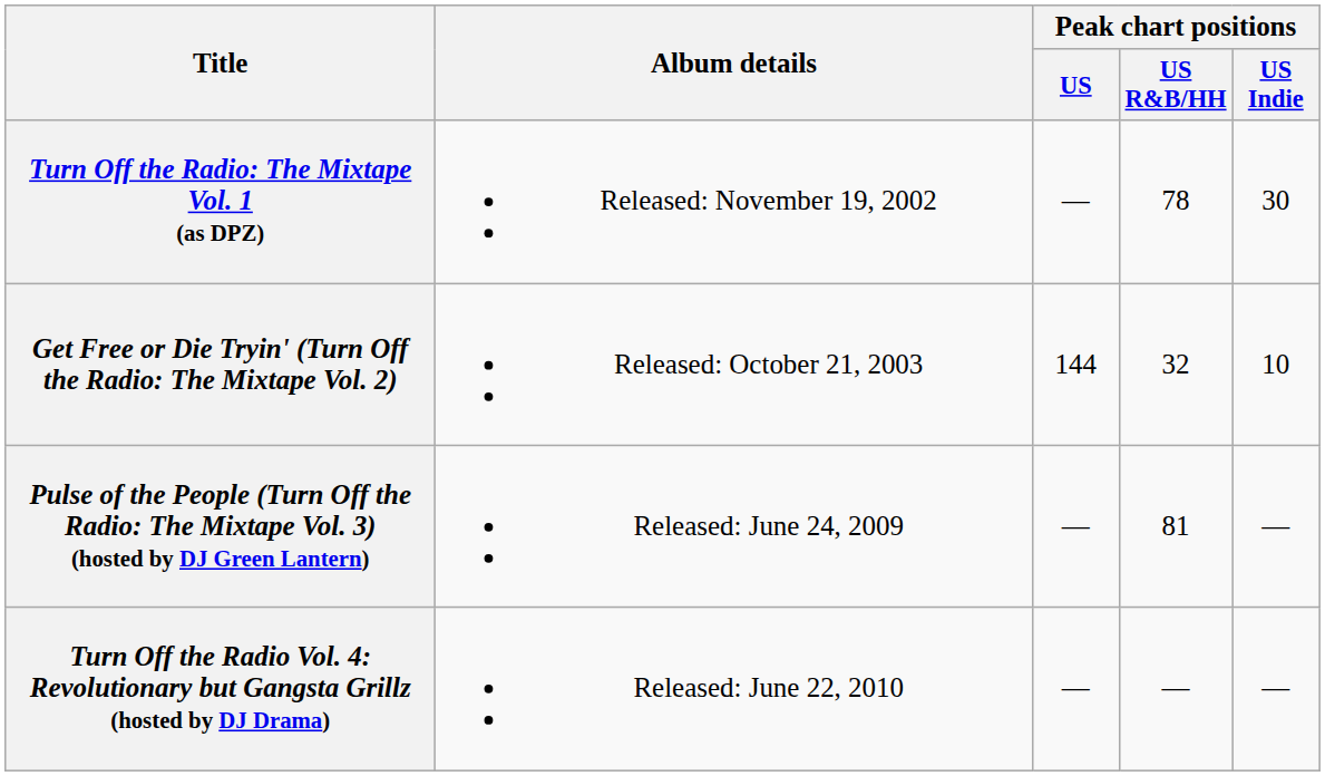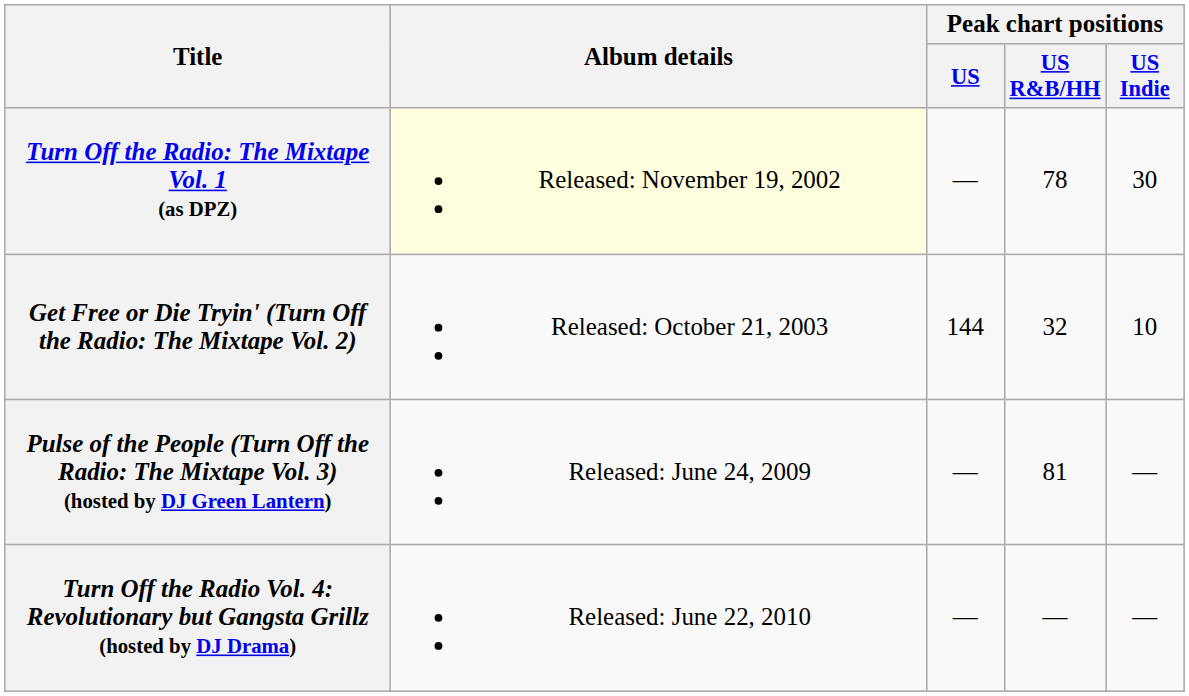 <table class="wikitable plainrowheaders" style="text-align:center;">
 <tr>
 <th rowspan="2" scope="col" style="width:15em;">Title</th>
 <th rowspan="2" scope="col" style="width:21em;">Album details</th>
 <th colspan="3" scope="col">Peak chart positions</th>
 </tr>
 <tr>
 <th scope="col" style="width:3em;font-size:90%;"><a href='#'>US</a></th>
 <th scope="col" style="width:3em;font-size:90%;"><a href='#'>US R&B/HH</a></th>
 <th scope="col" style="width:3em;font-size:90%;"><a href='#'>US Indie</a></th>
 </tr>
 <tr>
 <th scope="row"><em><a href='#'>Turn Off the Radio: The Mixtape Vol. 1</a></em><br><small>(as DPZ)</small></th>
-<td><br><ul><li>Released: November 19, 2002</li><li></li></ul></td>
+<td style="background: lightyellow;"><br><ul><li>Released: November 19, 2002</li><li></li></ul></td>
 <td>—</td>
 <td>78</td>
 <td>30</td>
 </tr>
 <tr>
 <th scope="row"><em>Get Free or Die Tryin' (Turn Off the Radio: The Mixtape Vol. 2)</em></th>
 <td><br><ul><li>Released: October 21, 2003</li><li></li></ul></td>
 <td>144</td>
 <td>32</td>
 <td>10</td>
 </tr>
 <tr>
 <th scope="row"><em>Pulse of the People (Turn Off the Radio: The Mixtape Vol. 3)</em><br><small>(hosted by <a href='#'>DJ Green Lantern</a>)</small></th>
 <td><br><ul><li>Released: June 24, 2009</li><li></li></ul></td>
 <td>—</td>
 <td>81</td>
 <td>—</td>
 </tr>
 <tr>
 <th scope="row"><em>Turn Off the Radio Vol. 4: Revolutionary but Gangsta Grillz</em><br><small>(hosted by <a href='#'>DJ Drama</a>)</small></th>
 <td><br><ul><li>Released: June 22, 2010</li><li></li></ul></td>
 <td>—</td>
 <td>—</td>
 <td>—</td>
 </tr>
 </table>
